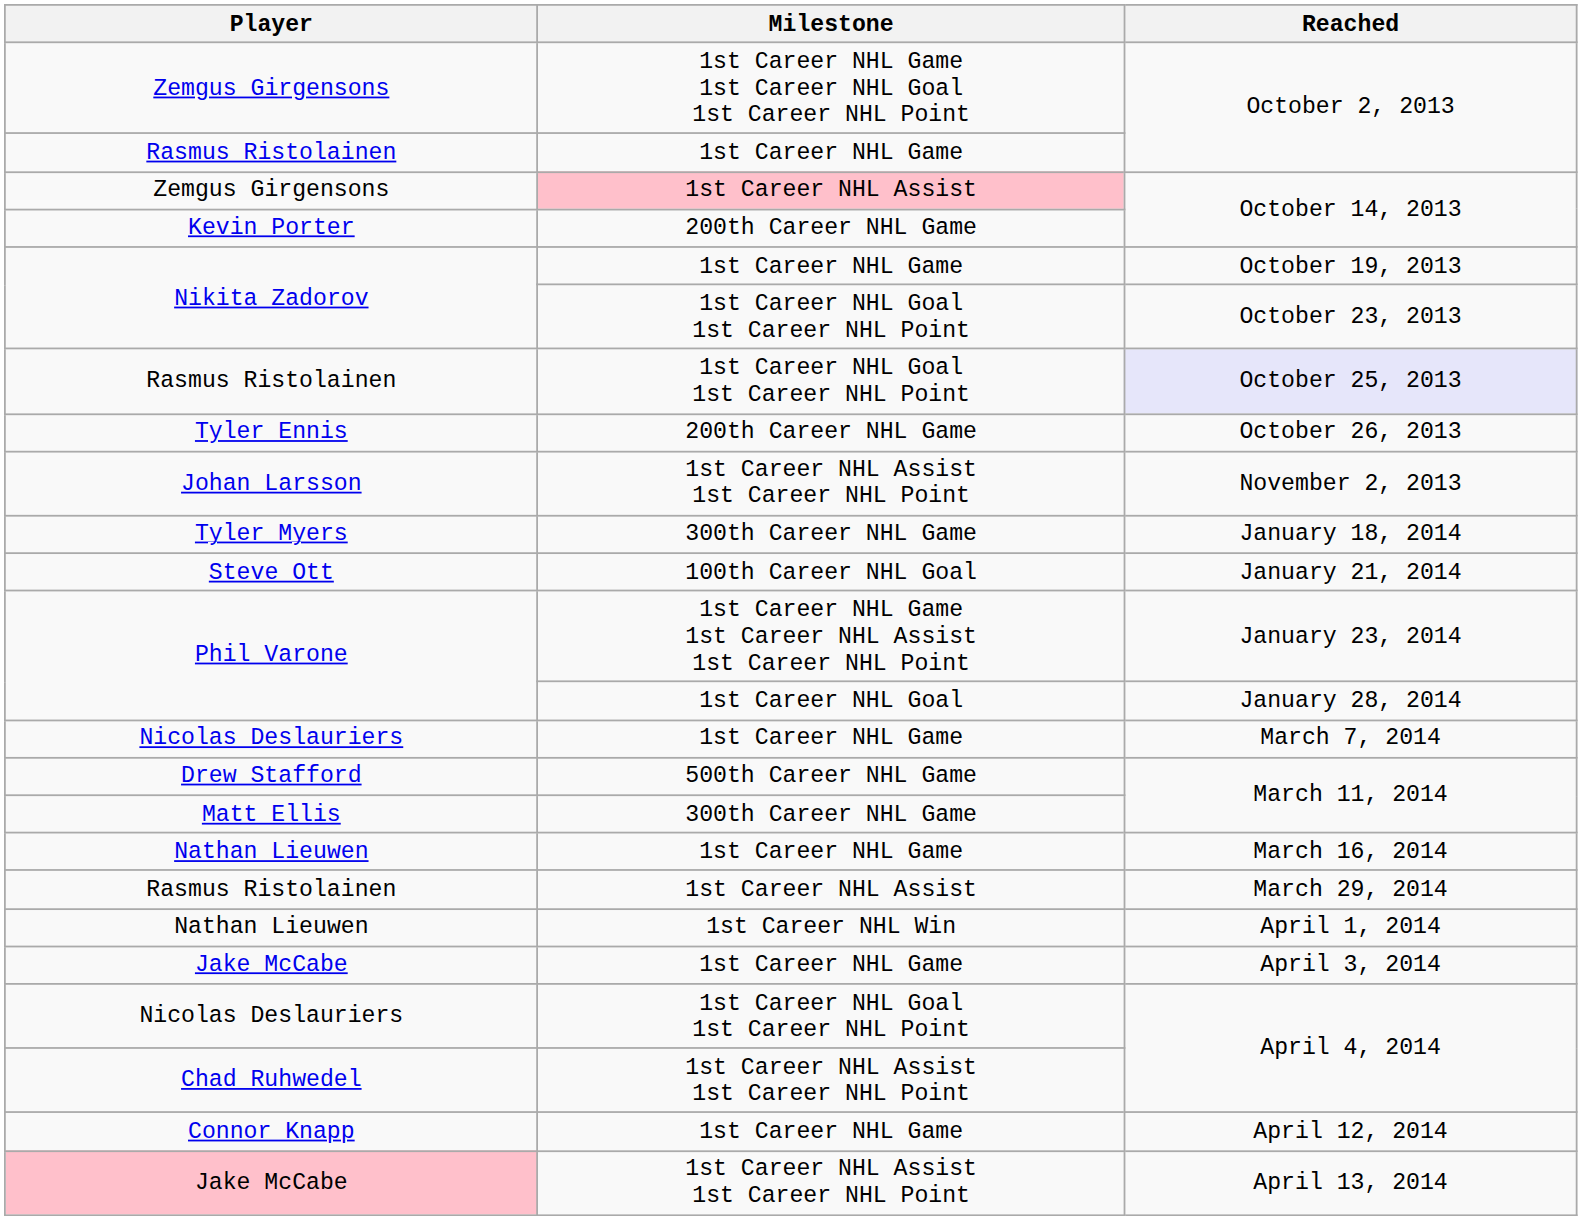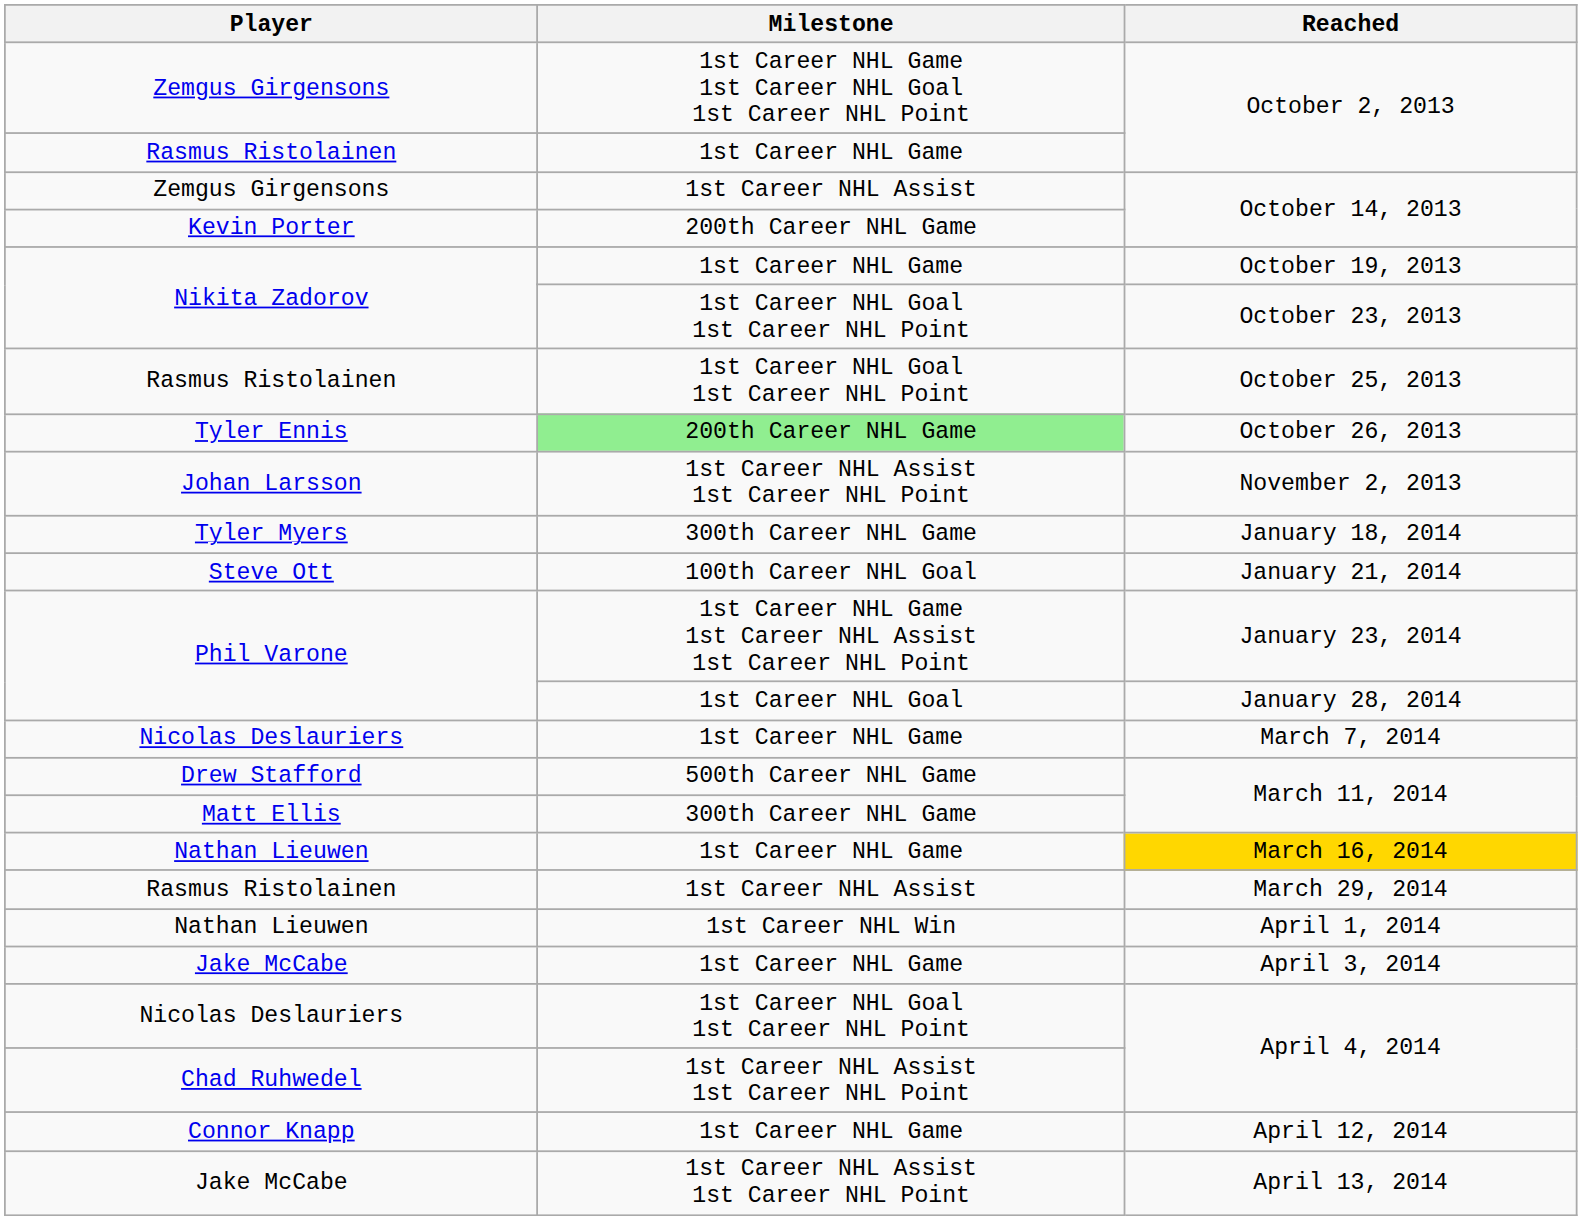 <table class="wikitable sortable" width="100%" style="text-align:center">
 <tr align=center>
 <th>Player</th>
 <th>Milestone</th>
 <th>Reached</th>
 </tr>
 <tr>
 <td><a href='#'>Zemgus Girgensons</a></td>
 <td>1st Career NHL Game<br>1st Career NHL Goal<br>1st Career NHL Point</td>
 <td rowspan="2">October 2, 2013</td>
 </tr>
 <tr>
 <td><a href='#'>Rasmus Ristolainen</a></td>
 <td>1st Career NHL Game</td>
 </tr>
 <tr>
 <td>Zemgus Girgensons</td>
-<td style="background: pink;">1st Career NHL Assist</td>
+<td>1st Career NHL Assist</td>
 <td rowspan="2">October 14, 2013</td>
 </tr>
 <tr>
 <td><a href='#'>Kevin Porter</a></td>
 <td>200th Career NHL Game</td>
 </tr>
 <tr>
 <td rowspan="2"><a href='#'>Nikita Zadorov</a></td>
 <td>1st Career NHL Game</td>
 <td>October 19, 2013</td>
 </tr>
 <tr>
 <td>1st Career NHL Goal<br>1st Career NHL Point</td>
 <td>October 23, 2013</td>
 </tr>
 <tr>
 <td>Rasmus Ristolainen</td>
 <td>1st Career NHL Goal<br>1st Career NHL Point</td>
-<td style="background: lavender;">October 25, 2013</td>
+<td>October 25, 2013</td>
 </tr>
 <tr>
 <td><a href='#'>Tyler Ennis</a></td>
-<td>200th Career NHL Game</td>
+<td style="background: lightgreen;">200th Career NHL Game</td>
 <td>October 26, 2013</td>
 </tr>
 <tr>
 <td><a href='#'>Johan Larsson</a></td>
 <td>1st Career NHL Assist<br>1st Career NHL Point</td>
 <td>November 2, 2013</td>
 </tr>
 <tr>
 <td><a href='#'>Tyler Myers</a></td>
 <td>300th Career NHL Game</td>
 <td>January 18, 2014</td>
 </tr>
 <tr>
 <td><a href='#'>Steve Ott</a></td>
 <td>100th Career NHL Goal</td>
 <td>January 21, 2014</td>
 </tr>
 <tr>
 <td rowspan="2"><a href='#'>Phil Varone</a></td>
 <td>1st Career NHL Game<br>1st Career NHL Assist<br>1st Career NHL Point</td>
 <td>January 23, 2014</td>
 </tr>
 <tr>
 <td>1st Career NHL Goal</td>
 <td>January 28, 2014</td>
 </tr>
 <tr>
 <td><a href='#'>Nicolas Deslauriers</a></td>
 <td>1st Career NHL Game</td>
 <td>March 7, 2014</td>
 </tr>
 <tr>
 <td><a href='#'>Drew Stafford</a></td>
 <td>500th Career NHL Game</td>
 <td rowspan="2">March 11, 2014</td>
 </tr>
 <tr>
 <td><a href='#'>Matt Ellis</a></td>
 <td>300th Career NHL Game</td>
 </tr>
 <tr>
 <td><a href='#'>Nathan Lieuwen</a></td>
 <td>1st Career NHL Game</td>
-<td>March 16, 2014</td>
+<td style="background: gold;">March 16, 2014</td>
 </tr>
 <tr>
 <td>Rasmus Ristolainen</td>
 <td>1st Career NHL Assist</td>
 <td>March 29, 2014</td>
 </tr>
 <tr>
 <td>Nathan Lieuwen</td>
 <td>1st Career NHL Win</td>
 <td>April 1, 2014</td>
 </tr>
 <tr>
 <td><a href='#'>Jake McCabe</a></td>
 <td>1st Career NHL Game</td>
 <td>April 3, 2014</td>
 </tr>
 <tr>
 <td>Nicolas Deslauriers</td>
 <td>1st Career NHL Goal<br>1st Career NHL Point</td>
 <td rowspan="2">April 4, 2014</td>
 </tr>
 <tr>
 <td><a href='#'>Chad Ruhwedel</a></td>
 <td>1st Career NHL Assist<br>1st Career NHL Point</td>
 </tr>
 <tr>
 <td><a href='#'>Connor Knapp</a></td>
 <td>1st Career NHL Game</td>
 <td>April 12, 2014</td>
 </tr>
 <tr>
-<td style="background: pink;">Jake McCabe</td>
+<td>Jake McCabe</td>
 <td>1st Career NHL Assist<br>1st Career NHL Point</td>
 <td>April 13, 2014</td>
 </tr>
 </table>
